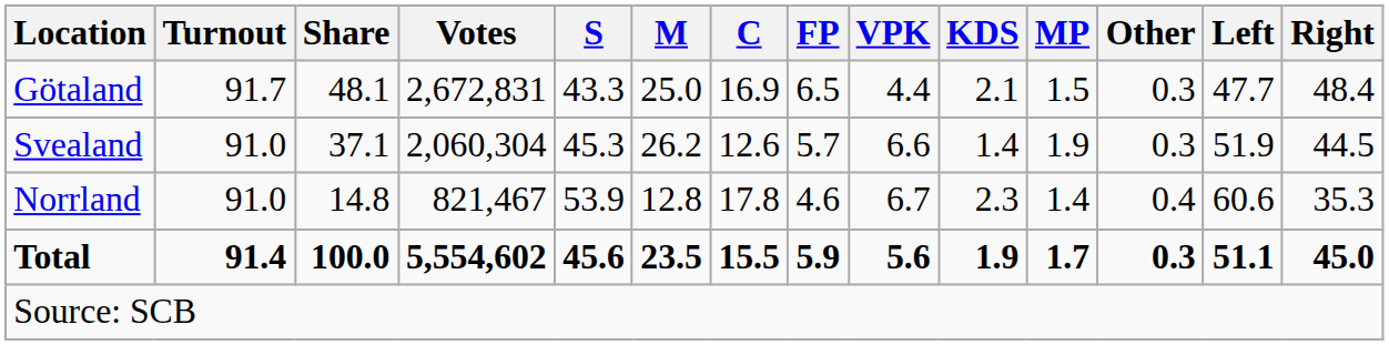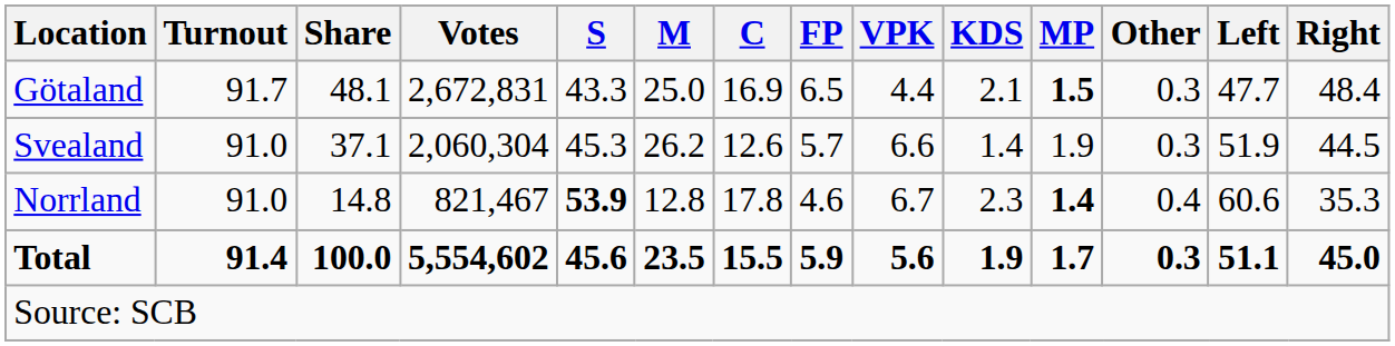 <table class="wikitable sortable" style=text-align:right>
 <tr>
 <th>Location</th>
 <th>Turnout</th>
 <th>Share</th>
 <th>Votes</th>
 <th><a href='#'>S</a></th>
 <th><a href='#'>M</a></th>
 <th><a href='#'>C</a></th>
 <th><a href='#'>FP</a></th>
 <th><a href='#'>VPK</a></th>
 <th><a href='#'>KDS</a></th>
 <th><a href='#'>MP</a></th>
 <th>Other</th>
 <th>Left</th>
 <th>Right</th>
 </tr>
 <tr>
 <td align=left><a href='#'>Götaland</a></td>
 <td>91.7</td>
 <td>48.1</td>
 <td>2,672,831</td>
 <td>43.3</td>
 <td>25.0</td>
 <td>16.9</td>
 <td>6.5</td>
 <td>4.4</td>
 <td>2.1</td>
-<td>1.5</td>
+<td><strong>1.5</strong></td>
 <td>0.3</td>
 <td>47.7</td>
 <td>48.4</td>
 </tr>
 <tr>
 <td align=left><a href='#'>Svealand</a></td>
 <td>91.0</td>
 <td>37.1</td>
 <td>2,060,304</td>
 <td>45.3</td>
 <td>26.2</td>
 <td>12.6</td>
 <td>5.7</td>
 <td>6.6</td>
 <td>1.4</td>
 <td>1.9</td>
 <td>0.3</td>
 <td>51.9</td>
 <td>44.5</td>
 </tr>
 <tr>
 <td align=left><a href='#'>Norrland</a></td>
 <td>91.0</td>
 <td>14.8</td>
 <td>821,467</td>
-<td>53.9</td>
+<td><strong>53.9</strong></td>
 <td>12.8</td>
 <td>17.8</td>
 <td>4.6</td>
 <td>6.7</td>
 <td>2.3</td>
-<td>1.4</td>
+<td><strong>1.4</strong></td>
 <td>0.4</td>
 <td>60.6</td>
 <td>35.3</td>
 </tr>
 <tr>
 <td align=left><strong>Total</strong></td>
 <td><strong>91.4</strong></td>
 <td><strong>100.0</strong></td>
 <td><strong>5,554,602</strong></td>
 <td><strong>45.6</strong></td>
 <td><strong>23.5</strong></td>
 <td><strong>15.5</strong></td>
 <td><strong>5.9</strong></td>
 <td><strong>5.6</strong></td>
 <td><strong>1.9</strong></td>
 <td><strong>1.7</strong></td>
 <td><strong>0.3</strong></td>
 <td><strong>51.1</strong></td>
 <td><strong>45.0</strong></td>
 </tr>
 <tr>
 <td align=left colspan=14>Source: SCB </td>
 </tr>
 </table>
